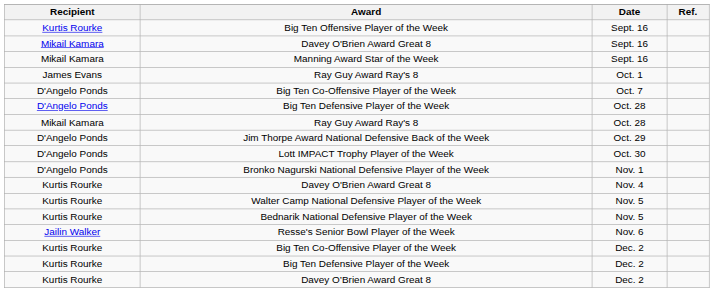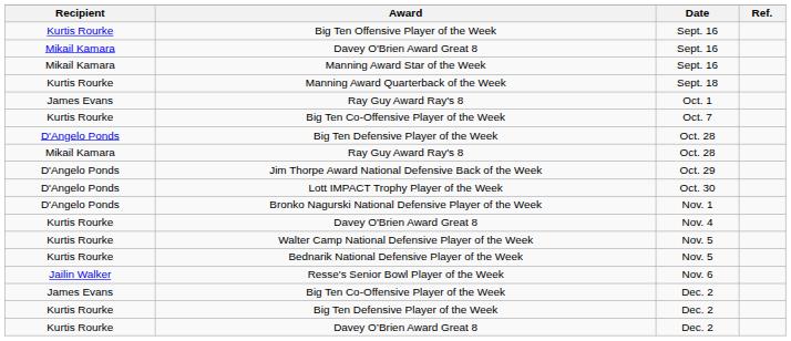 <table class="wikitable" style="width: 90%;text-align: center;">
 <tr>
 </tr>
 <tr>
 <th>Recipient</th>
 <th>Award</th>
 <th>Date</th>
 <th>Ref.</th>
 </tr>
 <tr>
 <td><a href='#'>Kurtis Rourke</a></td>
 <td>Big Ten Offensive Player of the Week</td>
 <td>Sept. 16</td>
 <td></td>
 </tr>
 <tr>
 <td><a href='#'>Mikail Kamara</a></td>
 <td>Davey O'Brien Award Great 8</td>
 <td>Sept. 16</td>
 <td></td>
 </tr>
 <tr>
 <td>Mikail Kamara</td>
 <td>Manning Award Star of the Week</td>
 <td>Sept. 16</td>
 <td></td>
 </tr>
 <tr>
+<td>Kurtis Rourke</td>
+<td>Manning Award Quarterback of the Week</td>
+<td>Sept. 18</td>
+<td></td>
+</tr>
+<tr>
 <td>James Evans</td>
 <td>Ray Guy Award Ray's 8</td>
 <td>Oct. 1</td>
 <td></td>
 </tr>
 <tr>
-<td>D'Angelo Ponds</td>
+<td>Kurtis Rourke</td>
 <td>Big Ten Co-Offensive Player of the Week</td>
 <td>Oct. 7</td>
 <td></td>
 </tr>
 <tr>
 <td><a href='#'>D'Angelo Ponds</a></td>
 <td>Big Ten Defensive Player of the Week</td>
 <td>Oct. 28</td>
 <td></td>
 </tr>
 <tr>
 <td>Mikail Kamara</td>
 <td>Ray Guy Award Ray's 8</td>
 <td>Oct. 28</td>
 <td></td>
 </tr>
 <tr>
 <td>D'Angelo Ponds</td>
 <td>Jim Thorpe Award National Defensive Back of the Week</td>
 <td>Oct. 29</td>
 <td></td>
 </tr>
 <tr>
 <td>D'Angelo Ponds</td>
 <td>Lott IMPACT Trophy Player of the Week</td>
 <td>Oct. 30</td>
 <td></td>
 </tr>
 <tr>
 <td>D'Angelo Ponds</td>
 <td>Bronko Nagurski National Defensive Player of the Week</td>
 <td>Nov. 1</td>
 <td></td>
 </tr>
 <tr>
 <td>Kurtis Rourke</td>
 <td>Davey O'Brien Award Great 8</td>
 <td>Nov. 4</td>
 <td></td>
 </tr>
 <tr>
 <td>Kurtis Rourke</td>
 <td>Walter Camp National Defensive Player of the Week</td>
 <td>Nov. 5</td>
 <td></td>
 </tr>
 <tr>
 <td>Kurtis Rourke</td>
 <td>Bednarik National Defensive Player of the Week</td>
 <td>Nov. 5</td>
 <td></td>
 </tr>
 <tr>
 <td><a href='#'>Jailin Walker</a></td>
 <td>Resse's Senior Bowl Player of the Week</td>
 <td>Nov. 6</td>
 <td></td>
 </tr>
 <tr>
-<td>Kurtis Rourke</td>
+<td>James Evans</td>
 <td>Big Ten Co-Offensive Player of the Week</td>
 <td>Dec. 2</td>
 <td></td>
 </tr>
 <tr>
 <td>Kurtis Rourke</td>
 <td>Big Ten Defensive Player of the Week</td>
 <td>Dec. 2</td>
 <td></td>
 </tr>
 <tr>
 <td>Kurtis Rourke</td>
 <td>Davey O’Brien Award Great 8</td>
 <td>Dec. 2</td>
 <td></td>
 </tr>
 </table>
